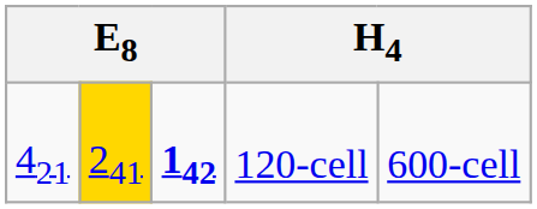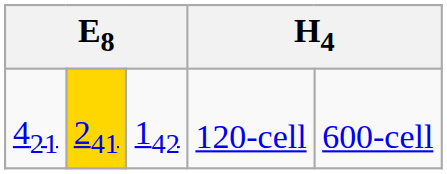 <table class=wikitable>
 <tr align=center valign=top>
 <th colspan=3 valign=center>E<sub>8</sub></th>
 <th colspan=2 valign=center>H<sub>4</sub></th>
 </tr>
 <tr align=center>
 <td><br><a href='#'>4<sub>21</sub></a></td>
 <td style="background: gold;"><br><a href='#'>2<sub>41</sub></a></td>
-<td><strong><br><a href='#'>1<sub>42</sub></a></strong></td>
+<td><br><a href='#'>1<sub>42</sub></a></td>
 <td><br><a href='#'>120-cell</a></td>
 <td><br><a href='#'>600-cell</a></td>
 </tr>
 </table>
